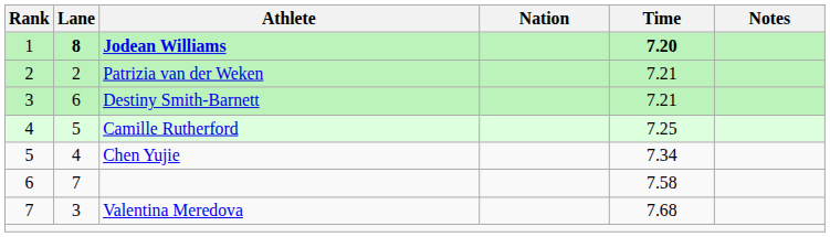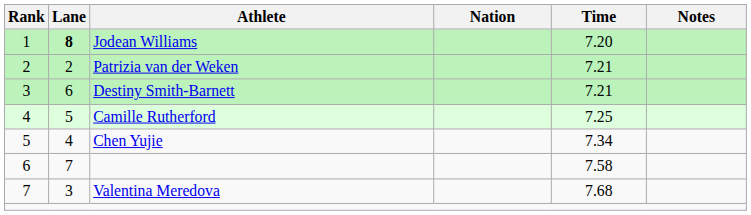 <table class="wikitable sortable" style="text-align:center;width: 60%;">
 <tr>
 <th scope="col" style="width: 10px;">Rank</th>
 <th scope="col" style="width: 10px;">Lane</th>
 <th scope="col">Athlete</th>
 <th scope="col">Nation</th>
 <th scope="col">Time</th>
 <th scope="col">Notes</th>
 </tr>
 <tr bgcolor=bbf3bb>
 <td>1</td>
 <td><strong>8</strong></td>
-<td align=left><strong><a href='#'>Jodean Williams</a></strong></td>
+<td align=left><a href='#'>Jodean Williams</a></td>
 <td align=left></td>
-<td><strong>7.20</strong></td>
+<td>7.20</td>
 <td></td>
 </tr>
 <tr bgcolor=bbf3bb>
 <td>2</td>
 <td>2</td>
 <td align=left><a href='#'>Patrizia van der Weken</a></td>
 <td align=left></td>
 <td>7.21 </td>
 <td></td>
 </tr>
 <tr bgcolor=bbf3bb>
 <td>3</td>
 <td>6</td>
 <td align=left><a href='#'>Destiny Smith-Barnett</a></td>
 <td align=left></td>
 <td>7.21 </td>
 <td></td>
 </tr>
 <tr bgcolor=ddffdd>
 <td>4</td>
 <td>5</td>
 <td align=left><a href='#'>Camille Rutherford</a></td>
 <td align=left></td>
 <td>7.25</td>
 <td></td>
 </tr>
 <tr>
 <td>5</td>
 <td>4</td>
 <td align=left><a href='#'>Chen Yujie</a></td>
 <td align=left></td>
 <td>7.34</td>
 <td></td>
 </tr>
 <tr>
 <td>6</td>
 <td>7</td>
 <td align=left></td>
 <td align=left></td>
 <td>7.58</td>
 <td></td>
 </tr>
 <tr>
 <td>7</td>
 <td>3</td>
 <td align=left><a href='#'>Valentina Meredova</a></td>
 <td align=left></td>
 <td>7.68</td>
 <td></td>
 </tr>
 <tr class="sortbottom">
 <td colspan="6"></td>
 </tr>
 </table>
